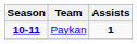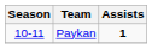 <table class="wikitable" style="text-align: center;">
 <tr>
 <th>Season</th>
 <th>Team</th>
 <th>Assists</th>
 </tr>
 <tr>
-<td><strong><a href='#'>10-11</a></strong></td>
+<td><a href='#'>10-11</a></td>
 <td align="left"><a href='#'>Paykan</a></td>
 <td><strong>1</strong></td>
 </tr>
 <tr>
 </tr>
 </table>
